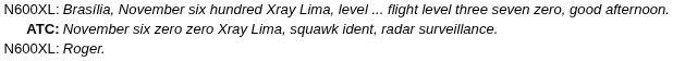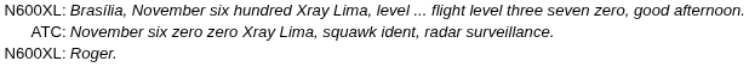 <table style="margin:auto;">
 <tr>
 <td style="vertical-align:top; text-align:right;">N600XL:</td>
 <td><em>Brasília, November six hundred Xray Lima, level ... flight level three seven zero, good afternoon.</em></td>
 </tr>
 <tr>
-<td style="vertical-align:top; text-align:right;"><strong>ATC:</strong></td>
+<td style="vertical-align:top; text-align:right;">ATC:</td>
 <td><em>November six zero zero Xray Lima, squawk ident, radar surveillance.</em></td>
 </tr>
 <tr>
 <td style="vertical-align:top; text-align:right;">N600XL:</td>
 <td><em>Roger.</em></td>
 </tr>
 </table>
